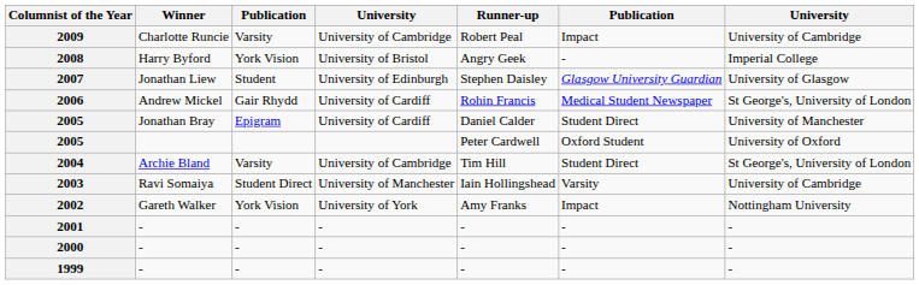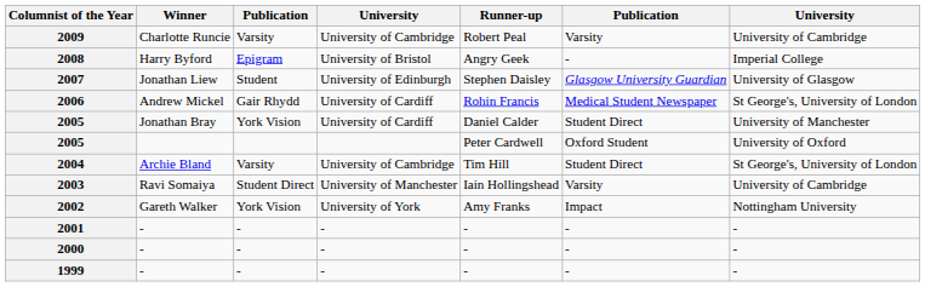 <table class="wikitable" style="font-align: center">
 <tr>
 <th>Columnist of the Year</th>
 <th>Winner</th>
 <th>Publication</th>
 <th>University</th>
 <th>Runner-up</th>
 <th>Publication</th>
 <th>University</th>
 </tr>
 <tr>
 <th>2009</th>
 <td>Charlotte Runcie</td>
 <td>Varsity</td>
 <td>University of Cambridge</td>
 <td>Robert Peal</td>
-<td>Impact</td>
+<td>Varsity</td>
 <td>University of Cambridge</td>
 </tr>
 <tr>
 <th>2008</th>
 <td>Harry Byford</td>
-<td>York Vision</td>
+<td><a href='#'>Epigram</a></td>
 <td>University of Bristol</td>
 <td>Angry Geek</td>
 <td>-</td>
 <td>Imperial College</td>
 </tr>
 <tr>
 <th>2007</th>
 <td>Jonathan Liew</td>
 <td>Student</td>
 <td>University of Edinburgh</td>
 <td>Stephen Daisley</td>
 <td><em><a href='#'>Glasgow University Guardian</a></em></td>
 <td>University of Glasgow</td>
 </tr>
 <tr>
 <th>2006</th>
 <td>Andrew Mickel</td>
 <td>Gair Rhydd</td>
 <td>University of Cardiff</td>
 <td><a href='#'>Rohin Francis</a></td>
 <td><a href='#'>Medical Student Newspaper</a></td>
 <td>St George's, University of London</td>
 </tr>
 <tr>
 <th>2005</th>
 <td>Jonathan Bray</td>
-<td><a href='#'>Epigram</a></td>
+<td>York Vision</td>
 <td>University of Cardiff</td>
 <td>Daniel Calder</td>
 <td>Student Direct</td>
 <td>University of Manchester</td>
 </tr>
 <tr>
 <th>2005</th>
 <td></td>
 <td></td>
 <td></td>
 <td>Peter Cardwell</td>
 <td>Oxford Student</td>
 <td>University of Oxford</td>
 </tr>
 <tr>
 <th>2004</th>
 <td><a href='#'>Archie Bland</a></td>
 <td>Varsity</td>
 <td>University of Cambridge</td>
 <td>Tim Hill</td>
 <td>Student Direct</td>
 <td>St George's, University of London</td>
 </tr>
 <tr>
 <th>2003</th>
 <td>Ravi Somaiya</td>
 <td>Student Direct</td>
 <td>University of Manchester</td>
 <td>Iain Hollingshead</td>
 <td>Varsity</td>
 <td>University of Cambridge</td>
 </tr>
 <tr>
 <th>2002</th>
 <td>Gareth Walker</td>
 <td>York Vision</td>
 <td>University of York</td>
 <td>Amy Franks</td>
 <td>Impact</td>
 <td>Nottingham University</td>
 </tr>
 <tr>
 <th>2001</th>
 <td>-</td>
 <td>-</td>
 <td>-</td>
 <td>-</td>
 <td>-</td>
 <td>-</td>
 </tr>
 <tr>
 <th>2000</th>
 <td>-</td>
 <td>-</td>
 <td>-</td>
 <td>-</td>
 <td>-</td>
 <td>-</td>
 </tr>
 <tr>
 <th>1999</th>
 <td>-</td>
 <td>-</td>
 <td>-</td>
 <td>-</td>
 <td>-</td>
 <td>-</td>
 </tr>
 </table>
